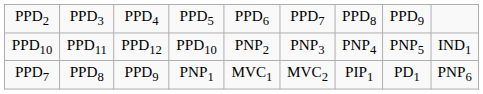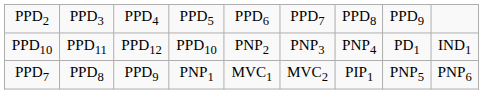 <table class="wikitable" style="text-align:center" width="500px">
 <tr>
 <td>PPD<sub>2</sub></td>
 <td>PPD<sub>3</sub></td>
 <td>PPD<sub>4</sub></td>
 <td>PPD<sub>5</sub></td>
 <td>PPD<sub>6</sub></td>
 <td>PPD<sub>7</sub></td>
 <td>PPD<sub>8</sub></td>
 <td>PPD<sub>9</sub></td>
 </tr>
 <tr>
 <td>PPD<sub>10</sub></td>
 <td>PPD<sub>11</sub></td>
 <td>PPD<sub>12</sub></td>
 <td>PPD<sub>10</sub></td>
 <td>PNP<sub>2</sub></td>
 <td>PNP<sub>3</sub></td>
 <td>PNP<sub>4</sub></td>
-<td>PNP<sub>5</sub></td>
+<td>PD<sub>1</sub></td>
 <td>IND<sub>1</sub></td>
 </tr>
 <tr>
 <td>PPD<sub>7</sub></td>
 <td>PPD<sub>8</sub></td>
 <td>PPD<sub>9</sub></td>
 <td>PNP<sub>1</sub></td>
 <td>MVC<sub>1</sub></td>
 <td>MVC<sub>2</sub></td>
 <td>PIP<sub>1</sub></td>
-<td>PD<sub>1</sub></td>
+<td>PNP<sub>5</sub></td>
 <td>PNP<sub>6</sub></td>
 </tr>
 </table>
